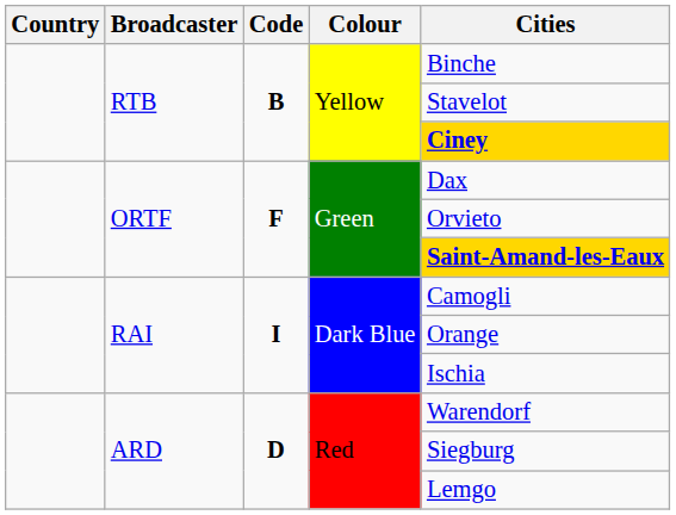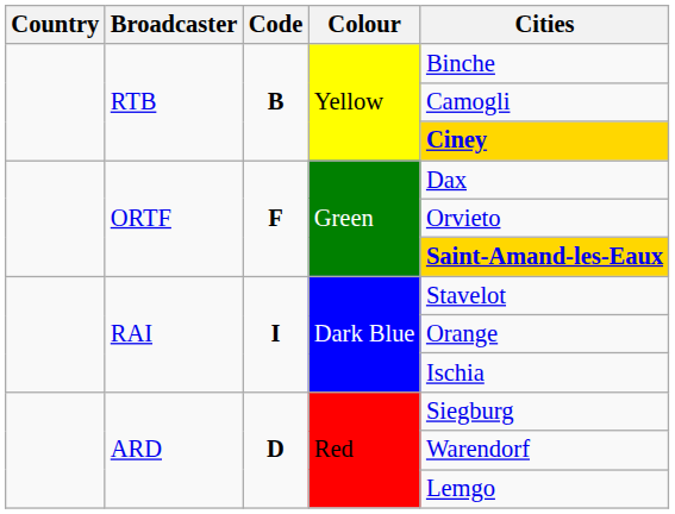 <table class="wikitable sortable">
 <tr>
 <th>Country</th>
 <th>Broadcaster</th>
 <th>Code</th>
 <th>Colour</th>
 <th>Cities</th>
 </tr>
 <tr>
 <td rowspan=3></td>
 <td rowspan=3><a href='#'>RTB</a></td>
 <td rowspan=3 align=center><strong>B</strong></td>
 <td rowspan=3 style="background:yellow; color: black">Yellow</td>
 <td><a href='#'>Binche</a></td>
 </tr>
 <tr>
-<td><a href='#'>Stavelot</a></td>
+<td><a href='#'>Camogli</a></td>
 </tr>
 <tr>
 <td style="font-weight:bold; background:gold;"><a href='#'>Ciney</a></td>
 </tr>
 <tr>
 <td rowspan=3></td>
 <td rowspan=3><a href='#'>ORTF</a></td>
 <td rowspan=3 align=center><strong>F</strong></td>
 <td rowspan=3 style="background:green; color: white">Green</td>
 <td><a href='#'>Dax</a></td>
 </tr>
 <tr>
 <td><a href='#'>Orvieto</a></td>
 </tr>
 <tr>
 <td style="font-weight:bold; background:gold;"><a href='#'>Saint-Amand-les-Eaux</a></td>
 </tr>
 <tr>
 <td rowspan=3></td>
 <td rowspan=3><a href='#'>RAI</a></td>
 <td rowspan=3 align=center><strong>I</strong></td>
 <td rowspan=3 style="background:blue; color: white">Dark Blue</td>
-<td><a href='#'>Camogli</a></td>
+<td><a href='#'>Stavelot</a></td>
 </tr>
 <tr>
 <td><a href='#'>Orange</a></td>
 </tr>
 <tr>
 <td><a href='#'>Ischia</a></td>
 </tr>
 <tr>
 <td rowspan=3></td>
 <td rowspan=3><a href='#'>ARD</a></td>
 <td rowspan=3 align=center><strong>D</strong></td>
 <td rowspan=3 style="background:red; color: black">Red</td>
-<td><a href='#'>Warendorf</a></td>
+<td><a href='#'>Siegburg</a></td>
 </tr>
 <tr>
-<td><a href='#'>Siegburg</a></td>
+<td><a href='#'>Warendorf</a></td>
 </tr>
 <tr>
 <td><a href='#'>Lemgo</a></td>
 </tr>
 </table>
